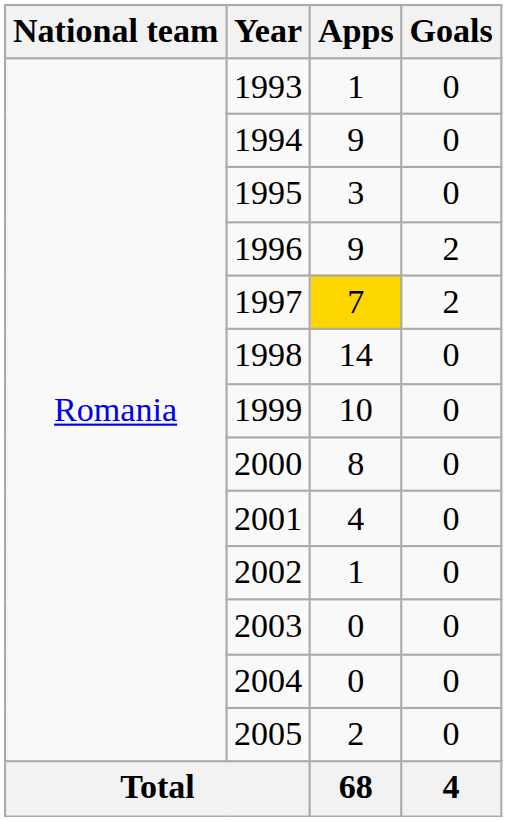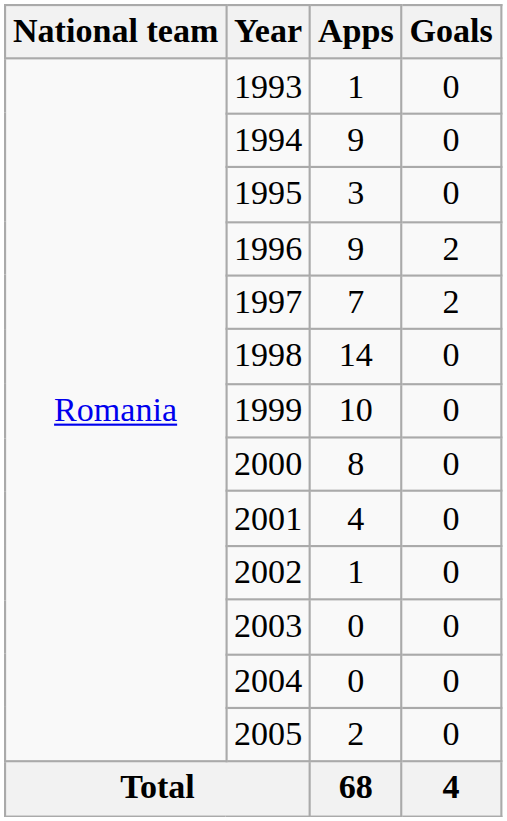 <table class="wikitable" style="text-align:center">
 <tr>
 <th>National team</th>
 <th>Year</th>
 <th>Apps</th>
 <th>Goals</th>
 </tr>
 <tr>
 <td rowspan="13"><a href='#'>Romania</a></td>
 <td>1993</td>
 <td>1</td>
 <td>0</td>
 </tr>
 <tr>
 <td>1994</td>
 <td>9</td>
 <td>0</td>
 </tr>
 <tr>
 <td>1995</td>
 <td>3</td>
 <td>0</td>
 </tr>
 <tr>
 <td>1996</td>
 <td>9</td>
 <td>2</td>
 </tr>
 <tr>
 <td>1997</td>
-<td style="background: gold;">7</td>
+<td>7</td>
 <td>2</td>
 </tr>
 <tr>
 <td>1998</td>
 <td>14</td>
 <td>0</td>
 </tr>
 <tr>
 <td>1999</td>
 <td>10</td>
 <td>0</td>
 </tr>
 <tr>
 <td>2000</td>
 <td>8</td>
 <td>0</td>
 </tr>
 <tr>
 <td>2001</td>
 <td>4</td>
 <td>0</td>
 </tr>
 <tr>
 <td>2002</td>
 <td>1</td>
 <td>0</td>
 </tr>
 <tr>
 <td>2003</td>
 <td>0</td>
 <td>0</td>
 </tr>
 <tr>
 <td>2004</td>
 <td>0</td>
 <td>0</td>
 </tr>
 <tr>
 <td>2005</td>
 <td>2</td>
 <td>0</td>
 </tr>
 <tr>
 <th colspan="2">Total</th>
 <th>68</th>
 <th>4</th>
 </tr>
 </table>
